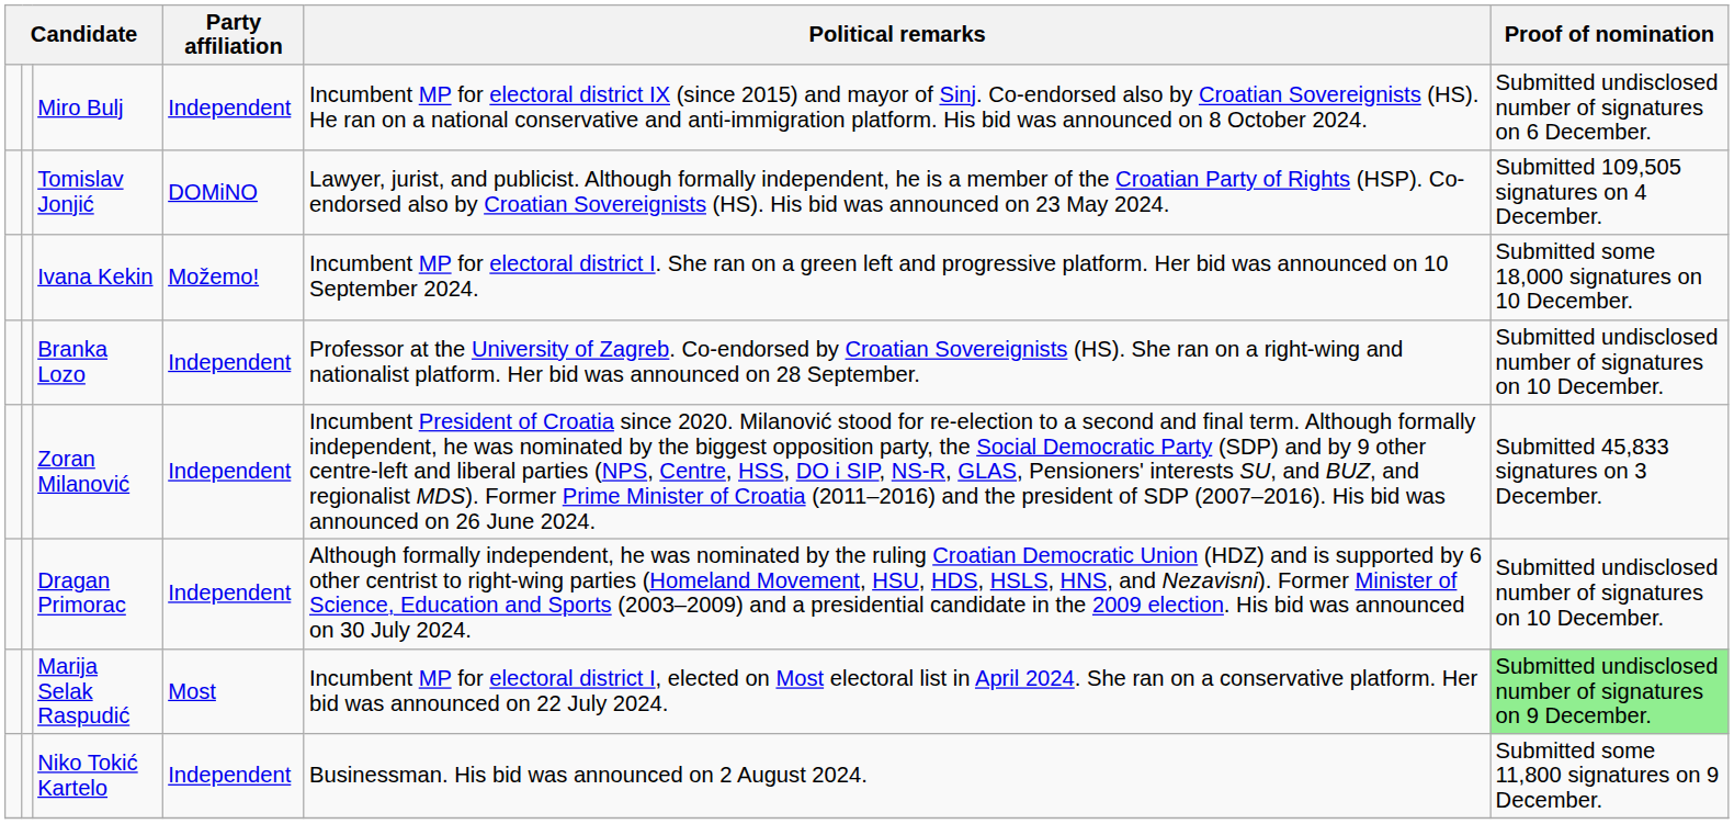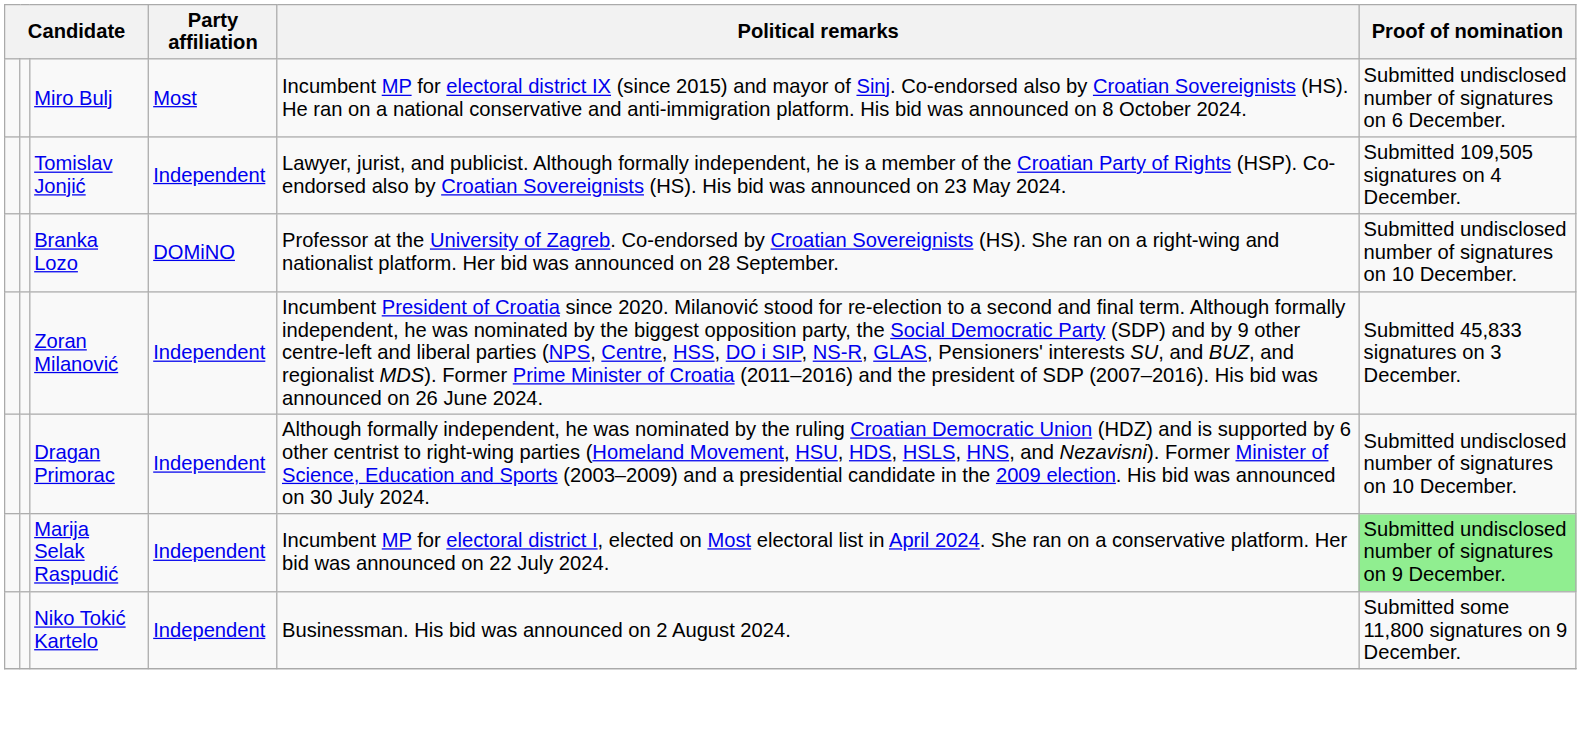 <table class="wikitable">
 <tr>
 <th colspan=3>Candidate</th>
 <th>Party affiliation</th>
 <th>Political remarks</th>
 <th>Proof of nomination</th>
 </tr>
 <tr>
 <td width=5px style="color:inherit;background:"></td>
 <td></td>
 <td><a href='#'>Miro Bulj</a></td>
-<td><a href='#'>Independent</a></td>
+<td><a href='#'>Most</a></td>
 <td>Incumbent <a href='#'>MP</a> for <a href='#'>electoral district IX</a> (since 2015) and mayor of <a href='#'>Sinj</a>. Co-endorsed also by <a href='#'>Croatian Sovereignists</a> (HS). He ran  on a national conservative and anti-immigration platform. His bid was announced on 8 October 2024.</td>
 <td>Submitted undisclosed number of signatures on 6 December.</td>
 </tr>
 <tr>
 <td width=5px style="color:inherit;background:"></td>
 <td></td>
 <td><a href='#'>Tomislav Jonjić</a></td>
-<td><a href='#'>DOMiNO</a></td>
+<td><a href='#'>Independent</a></td>
 <td>Lawyer, jurist, and publicist. Although formally independent, he is a member of the <a href='#'>Croatian Party of Rights</a> (HSP). Co-endorsed also by <a href='#'>Croatian Sovereignists</a> (HS). His bid was announced on 23 May 2024.</td>
 <td>Submitted 109,505 signatures on 4 December.</td>
 </tr>
 <tr>
 <td width=5px style="color:inherit;background:"></td>
 <td></td>
-<td><a href='#'>Ivana Kekin</a></td>
-<td><a href='#'>Možemo!</a></td>
-<td>Incumbent <a href='#'>MP</a> for <a href='#'>electoral district I</a>. She ran on a green left and progressive platform. Her bid was announced on 10 September 2024.</td>
-<td>Submitted some 18,000 signatures on 10 December.</td>
-</tr>
-<tr>
-<td width=5px style="color:inherit;background:"></td>
-<td></td>
 <td><a href='#'>Branka Lozo</a></td>
-<td><a href='#'>Independent</a></td>
+<td><a href='#'>DOMiNO</a></td>
 <td>Professor at the <a href='#'>University of Zagreb</a>. Co-endorsed  by <a href='#'>Croatian Sovereignists</a> (HS). She ran on a right-wing and nationalist platform. Her bid was announced on 28 September.</td>
 <td>Submitted undisclosed number of signatures on 10 December.</td>
 </tr>
 <tr>
 <td width=5px style="color:inherit;background:"></td>
 <td></td>
 <td><a href='#'>Zoran Milanović</a></td>
 <td><a href='#'>Independent</a></td>
 <td>Incumbent <a href='#'>President of Croatia</a> since 2020. Milanović stood for re-election to a second and final term. Although formally independent, he was nominated by the biggest opposition party, the <a href='#'>Social Democratic Party</a> (SDP) and by 9 other centre-left and liberal parties (<a href='#'>NPS</a>, <a href='#'>Centre</a>, <a href='#'>HSS</a>, <a href='#'>DO i SIP</a>, <a href='#'>NS-R</a>, <a href='#'>GLAS</a>, Pensioners' interests <em>SU</em>, and <em>BUZ</em>, and regionalist <em>MDS</em>). Former <a href='#'>Prime Minister of Croatia</a> (2011–2016) and the president of SDP (2007–2016). His bid was announced on 26 June 2024.</td>
 <td>Submitted 45,833 signatures on 3 December.</td>
 </tr>
 <tr>
 <td width=5px style="color:inherit;background:"></td>
 <td></td>
 <td><a href='#'>Dragan Primorac</a></td>
 <td><a href='#'>Independent</a></td>
 <td>Although formally independent, he was nominated by the ruling <a href='#'>Croatian Democratic Union</a> (HDZ) and is supported by 6 other centrist to right-wing parties (<a href='#'>Homeland Movement</a>, <a href='#'>HSU</a>, <a href='#'>HDS</a>, <a href='#'>HSLS</a>, <a href='#'>HNS</a>, and <em>Nezavisni</em>). Former <a href='#'>Minister of Science, Education and Sports</a> (2003–2009) and a presidential candidate in the <a href='#'>2009 election</a>. His bid was announced on 30 July 2024.</td>
 <td>Submitted undisclosed number of signatures on 10 December.</td>
 </tr>
 <tr>
 <td width=5px style="color:inherit;background:"></td>
 <td></td>
 <td><a href='#'>Marija Selak Raspudić</a></td>
-<td><a href='#'>Most</a></td>
+<td><a href='#'>Independent</a></td>
 <td>Incumbent <a href='#'>MP</a> for <a href='#'>electoral district I</a>, elected on <a href='#'>Most</a> electoral list in <a href='#'>April 2024</a>. She ran on a conservative platform. Her bid was announced on 22 July 2024.</td>
 <td style="background: lightgreen;">Submitted undisclosed number of signatures on 9 December.</td>
 </tr>
 <tr>
 <td width=5px style="color:inherit;background:"></td>
 <td></td>
 <td><a href='#'>Niko Tokić Kartelo</a></td>
 <td><a href='#'>Independent</a></td>
 <td>Businessman. His bid was announced on 2 August 2024.</td>
 <td>Submitted some 11,800 signatures on 9 December.</td>
 </tr>
 <tr>
 </tr>
 </table>
